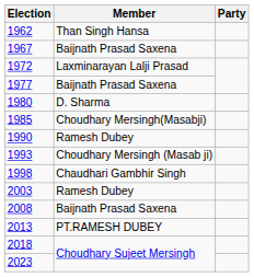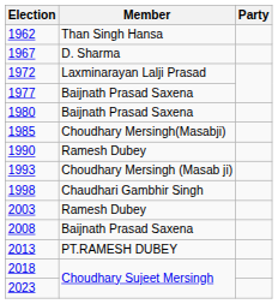 <table class="wikitable sortable">
 <tr>
 <th>Election</th>
 <th>Member</th>
 <th colspan="2">Party</th>
 </tr>
 <tr>
 <td><a href='#'>1962</a></td>
 <td>Than Singh Hansa</td>
 <td></td>
 </tr>
 <tr>
 <td><a href='#'>1967</a></td>
-<td>Baijnath Prasad Saxena</td>
+<td>D. Sharma</td>
 <td></td>
 </tr>
 <tr>
 <td><a href='#'>1972</a></td>
 <td>Laxminarayan Lalji Prasad</td>
 </tr>
 <tr>
 <td><a href='#'>1977</a></td>
 <td>Baijnath Prasad Saxena</td>
 </tr>
 <tr>
 <td><a href='#'>1980</a></td>
-<td>D. Sharma</td>
+<td>Baijnath Prasad Saxena</td>
 <td></td>
 </tr>
 <tr>
 <td><a href='#'>1985</a></td>
 <td>Choudhary Mersingh(Masabji)</td>
 <td></td>
 </tr>
 <tr>
 <td><a href='#'>1990</a></td>
 <td>Ramesh Dubey</td>
 <td></td>
 </tr>
 <tr>
 <td><a href='#'>1993</a></td>
 <td>Choudhary Mersingh (Masab ji)</td>
 <td></td>
 </tr>
 <tr>
 <td><a href='#'>1998</a></td>
 <td>Chaudhari Gambhir Singh</td>
 </tr>
 <tr>
 <td><a href='#'>2003</a></td>
 <td>Ramesh Dubey</td>
 <td></td>
 </tr>
 <tr>
 <td><a href='#'>2008</a></td>
 <td>Baijnath Prasad Saxena</td>
 <td></td>
 </tr>
 <tr>
 <td><a href='#'>2013</a></td>
 <td>PT.RAMESH DUBEY</td>
 <td></td>
 </tr>
 <tr>
 <td><a href='#'>2018</a></td>
 <td rowspan="2"><a href='#'>Choudhary Sujeet Mersingh</a></td>
 <td></td>
 </tr>
 <tr>
 <td><a href='#'>2023</a></td>
 </tr>
 </table>
